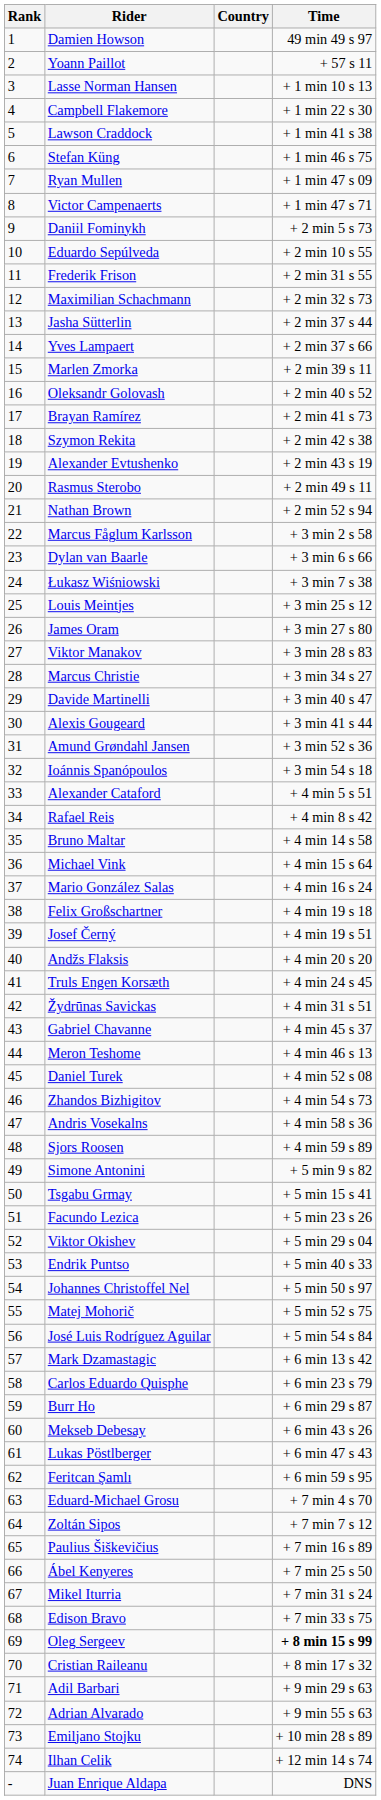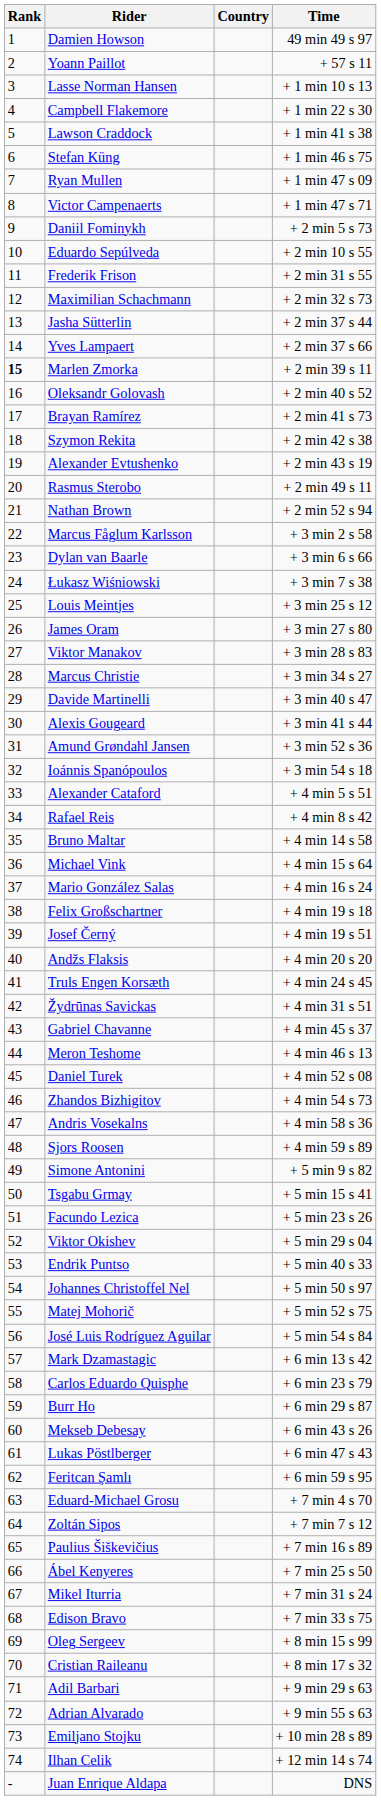 <table class="wikitable" style="font-size:95%; text-align:left;">
 <tr>
 <th>Rank</th>
 <th>Rider</th>
 <th>Country</th>
 <th>Time</th>
 </tr>
 <tr>
 <td>1</td>
 <td><a href='#'>Damien Howson</a></td>
 <td></td>
 <td align=right>49 min 49 s 97</td>
 </tr>
 <tr>
 <td>2</td>
 <td><a href='#'>Yoann Paillot</a></td>
 <td></td>
 <td align=right>+  57 s 11</td>
 </tr>
 <tr>
 <td>3</td>
 <td><a href='#'>Lasse Norman Hansen</a></td>
 <td></td>
 <td align=right>+  1 min 10 s 13</td>
 </tr>
 <tr>
 <td>4</td>
 <td><a href='#'>Campbell Flakemore</a></td>
 <td></td>
 <td align=right>+  1 min 22 s 30</td>
 </tr>
 <tr>
 <td>5</td>
 <td><a href='#'>Lawson Craddock</a></td>
 <td></td>
 <td align=right>+  1 min 41 s 38</td>
 </tr>
 <tr>
 <td>6</td>
 <td><a href='#'>Stefan Küng</a></td>
 <td></td>
 <td align=right>+  1 min 46 s 75</td>
 </tr>
 <tr>
 <td>7</td>
 <td><a href='#'>Ryan Mullen</a></td>
 <td></td>
 <td align=right>+  1 min 47 s 09</td>
 </tr>
 <tr>
 <td>8</td>
 <td><a href='#'>Victor Campenaerts</a></td>
 <td></td>
 <td align=right>+  1 min 47 s 71</td>
 </tr>
 <tr>
 <td>9</td>
 <td><a href='#'>Daniil Fominykh</a></td>
 <td></td>
 <td align=right>+  2 min 5 s 73</td>
 </tr>
 <tr>
 <td>10</td>
 <td><a href='#'>Eduardo Sepúlveda</a></td>
 <td></td>
 <td align=right>+  2 min 10 s 55</td>
 </tr>
 <tr>
 <td>11</td>
 <td><a href='#'>Frederik Frison</a></td>
 <td></td>
 <td align=right>+  2 min 31 s 55</td>
 </tr>
 <tr>
 <td>12</td>
 <td><a href='#'>Maximilian Schachmann</a></td>
 <td></td>
 <td align=right>+  2 min 32 s 73</td>
 </tr>
 <tr>
 <td>13</td>
 <td><a href='#'>Jasha Sütterlin</a></td>
 <td></td>
 <td align=right>+  2 min 37 s 44</td>
 </tr>
 <tr>
 <td>14</td>
 <td><a href='#'>Yves Lampaert</a></td>
 <td></td>
 <td align=right>+  2 min 37 s 66</td>
 </tr>
 <tr>
-<td>15</td>
+<td><strong>15</strong></td>
 <td><a href='#'>Marlen Zmorka</a></td>
 <td></td>
 <td align=right>+  2 min 39 s 11</td>
 </tr>
 <tr>
 <td>16</td>
 <td><a href='#'>Oleksandr Golovash</a></td>
 <td></td>
 <td align=right>+  2 min 40 s 52</td>
 </tr>
 <tr>
 <td>17</td>
 <td><a href='#'>Brayan Ramírez</a></td>
 <td></td>
 <td align=right>+  2 min 41 s 73</td>
 </tr>
 <tr>
 <td>18</td>
 <td><a href='#'>Szymon Rekita</a></td>
 <td></td>
 <td align=right>+  2 min 42 s 38</td>
 </tr>
 <tr>
 <td>19</td>
 <td><a href='#'>Alexander Evtushenko</a></td>
 <td></td>
 <td align=right>+  2 min 43 s 19</td>
 </tr>
 <tr>
 <td>20</td>
 <td><a href='#'>Rasmus Sterobo</a></td>
 <td></td>
 <td align=right>+  2 min 49 s 11</td>
 </tr>
 <tr>
 <td>21</td>
 <td><a href='#'>Nathan Brown</a></td>
 <td></td>
 <td align=right>+  2 min 52 s 94</td>
 </tr>
 <tr>
 <td>22</td>
 <td><a href='#'>Marcus Fåglum Karlsson</a></td>
 <td></td>
 <td align=right>+  3 min 2 s 58</td>
 </tr>
 <tr>
 <td>23</td>
 <td><a href='#'>Dylan van Baarle</a></td>
 <td></td>
 <td align=right>+  3 min 6 s 66</td>
 </tr>
 <tr>
 <td>24</td>
 <td><a href='#'>Łukasz Wiśniowski</a></td>
 <td></td>
 <td align=right>+  3 min 7 s 38</td>
 </tr>
 <tr>
 <td>25</td>
 <td><a href='#'>Louis Meintjes</a></td>
 <td></td>
 <td align=right>+  3 min 25 s 12</td>
 </tr>
 <tr>
 <td>26</td>
 <td><a href='#'>James Oram</a></td>
 <td></td>
 <td align=right>+  3 min 27 s 80</td>
 </tr>
 <tr>
 <td>27</td>
 <td><a href='#'>Viktor Manakov</a></td>
 <td></td>
 <td align=right>+  3 min 28 s 83</td>
 </tr>
 <tr>
 <td>28</td>
 <td><a href='#'>Marcus Christie</a></td>
 <td></td>
 <td align=right>+  3 min 34 s 27</td>
 </tr>
 <tr>
 <td>29</td>
 <td><a href='#'>Davide Martinelli</a></td>
 <td></td>
 <td align=right>+  3 min 40 s 47</td>
 </tr>
 <tr>
 <td>30</td>
 <td><a href='#'>Alexis Gougeard</a></td>
 <td></td>
 <td align=right>+  3 min 41 s 44</td>
 </tr>
 <tr>
 <td>31</td>
 <td><a href='#'>Amund Grøndahl Jansen</a></td>
 <td></td>
 <td align=right>+  3 min 52 s 36</td>
 </tr>
 <tr>
 <td>32</td>
 <td><a href='#'>Ioánnis Spanópoulos</a></td>
 <td></td>
 <td align=right>+  3 min 54 s 18</td>
 </tr>
 <tr>
 <td>33</td>
 <td><a href='#'>Alexander Cataford</a></td>
 <td></td>
 <td align=right>+  4 min 5 s 51</td>
 </tr>
 <tr>
 <td>34</td>
 <td><a href='#'>Rafael Reis</a></td>
 <td></td>
 <td align=right>+  4 min 8 s 42</td>
 </tr>
 <tr>
 <td>35</td>
 <td><a href='#'>Bruno Maltar</a></td>
 <td></td>
 <td align=right>+  4 min 14 s 58</td>
 </tr>
 <tr>
 <td>36</td>
 <td><a href='#'>Michael Vink</a></td>
 <td></td>
 <td align=right>+  4 min 15 s 64</td>
 </tr>
 <tr>
 <td>37</td>
 <td><a href='#'>Mario González Salas</a></td>
 <td></td>
 <td align=right>+  4 min 16 s 24</td>
 </tr>
 <tr>
 <td>38</td>
 <td><a href='#'>Felix Großschartner</a></td>
 <td></td>
 <td align=right>+  4 min 19 s 18</td>
 </tr>
 <tr>
 <td>39</td>
 <td><a href='#'>Josef Černý</a></td>
 <td></td>
 <td align=right>+  4 min 19 s 51</td>
 </tr>
 <tr>
 <td>40</td>
 <td><a href='#'>Andžs Flaksis</a></td>
 <td></td>
 <td align=right>+  4 min 20 s 20</td>
 </tr>
 <tr>
 <td>41</td>
 <td><a href='#'>Truls Engen Korsæth</a></td>
 <td></td>
 <td align=right>+  4 min 24 s 45</td>
 </tr>
 <tr>
 <td>42</td>
 <td><a href='#'>Žydrūnas Savickas</a></td>
 <td></td>
 <td align=right>+  4 min 31 s 51</td>
 </tr>
 <tr>
 <td>43</td>
 <td><a href='#'>Gabriel Chavanne</a></td>
 <td></td>
 <td align=right>+  4 min 45 s 37</td>
 </tr>
 <tr>
 <td>44</td>
 <td><a href='#'>Meron Teshome</a></td>
 <td></td>
 <td align=right>+  4 min 46 s 13</td>
 </tr>
 <tr>
 <td>45</td>
 <td><a href='#'>Daniel Turek</a></td>
 <td></td>
 <td align=right>+  4 min 52 s 08</td>
 </tr>
 <tr>
 <td>46</td>
 <td><a href='#'>Zhandos Bizhigitov</a></td>
 <td></td>
 <td align=right>+  4 min 54 s 73</td>
 </tr>
 <tr>
 <td>47</td>
 <td><a href='#'>Andris Vosekalns</a></td>
 <td></td>
 <td align=right>+  4 min 58 s 36</td>
 </tr>
 <tr>
 <td>48</td>
 <td><a href='#'>Sjors Roosen</a></td>
 <td></td>
 <td align=right>+  4 min 59 s 89</td>
 </tr>
 <tr>
 <td>49</td>
 <td><a href='#'>Simone Antonini</a></td>
 <td></td>
 <td align=right>+  5 min 9 s 82</td>
 </tr>
 <tr>
 <td>50</td>
 <td><a href='#'>Tsgabu Grmay</a></td>
 <td></td>
 <td align=right>+  5 min 15 s 41</td>
 </tr>
 <tr>
 <td>51</td>
 <td><a href='#'>Facundo Lezica</a></td>
 <td></td>
 <td align=right>+  5 min 23 s 26</td>
 </tr>
 <tr>
 <td>52</td>
 <td><a href='#'>Viktor Okishev</a></td>
 <td></td>
 <td align=right>+  5 min 29 s 04</td>
 </tr>
 <tr>
 <td>53</td>
 <td><a href='#'>Endrik Puntso</a></td>
 <td></td>
 <td align=right>+  5 min 40 s 33</td>
 </tr>
 <tr>
 <td>54</td>
 <td><a href='#'>Johannes Christoffel Nel</a></td>
 <td></td>
 <td align=right>+  5 min 50 s 97</td>
 </tr>
 <tr>
 <td>55</td>
 <td><a href='#'>Matej Mohorič</a></td>
 <td></td>
 <td align=right>+  5 min 52 s 75</td>
 </tr>
 <tr>
 <td>56</td>
 <td><a href='#'>José Luis Rodríguez Aguilar</a></td>
 <td></td>
 <td align=right>+  5 min 54 s 84</td>
 </tr>
 <tr>
 <td>57</td>
 <td><a href='#'>Mark Dzamastagic</a></td>
 <td></td>
 <td align=right>+  6 min 13 s 42</td>
 </tr>
 <tr>
 <td>58</td>
 <td><a href='#'>Carlos Eduardo Quisphe</a></td>
 <td></td>
 <td align=right>+  6 min 23 s 79</td>
 </tr>
 <tr>
 <td>59</td>
 <td><a href='#'>Burr Ho</a></td>
 <td></td>
 <td align=right>+  6 min 29 s 87</td>
 </tr>
 <tr>
 <td>60</td>
 <td><a href='#'>Mekseb Debesay</a></td>
 <td></td>
 <td align=right>+  6 min 43 s 26</td>
 </tr>
 <tr>
 <td>61</td>
 <td><a href='#'>Lukas Pöstlberger</a></td>
 <td></td>
 <td align=right>+  6 min 47 s 43</td>
 </tr>
 <tr>
 <td>62</td>
 <td><a href='#'>Feritcan Şamlı</a></td>
 <td></td>
 <td align=right>+  6 min 59 s 95</td>
 </tr>
 <tr>
 <td>63</td>
 <td><a href='#'>Eduard-Michael Grosu</a></td>
 <td></td>
 <td align=right>+  7 min 4 s 70</td>
 </tr>
 <tr>
 <td>64</td>
 <td><a href='#'>Zoltán Sipos</a></td>
 <td></td>
 <td align=right>+  7 min 7 s 12</td>
 </tr>
 <tr>
 <td>65</td>
 <td><a href='#'>Paulius Šiškevičius</a></td>
 <td></td>
 <td align=right>+  7 min 16 s 89</td>
 </tr>
 <tr>
 <td>66</td>
 <td><a href='#'>Ábel Kenyeres</a></td>
 <td></td>
 <td align=right>+  7 min 25 s 50</td>
 </tr>
 <tr>
 <td>67</td>
 <td><a href='#'>Mikel Iturria</a></td>
 <td></td>
 <td align=right>+  7 min 31 s 24</td>
 </tr>
 <tr>
 <td>68</td>
 <td><a href='#'>Edison Bravo</a></td>
 <td></td>
 <td align=right>+  7 min 33 s 75</td>
 </tr>
 <tr>
 <td>69</td>
 <td><a href='#'>Oleg Sergeev</a></td>
 <td></td>
-<td align=right><strong>+  8 min 15 s 99</strong></td>
+<td align=right>+  8 min 15 s 99</td>
 </tr>
 <tr>
 <td>70</td>
 <td><a href='#'>Cristian Raileanu</a></td>
 <td></td>
 <td align=right>+  8 min 17 s 32</td>
 </tr>
 <tr>
 <td>71</td>
 <td><a href='#'>Adil Barbari</a></td>
 <td></td>
 <td align=right>+  9 min 29 s 63</td>
 </tr>
 <tr>
 <td>72</td>
 <td><a href='#'>Adrian Alvarado</a></td>
 <td></td>
 <td align=right>+  9 min 55 s 63</td>
 </tr>
 <tr>
 <td>73</td>
 <td><a href='#'>Emiljano Stojku</a></td>
 <td></td>
 <td align=right>+  10 min 28 s 89</td>
 </tr>
 <tr>
 <td>74</td>
 <td><a href='#'>Ilhan Celik</a></td>
 <td></td>
 <td align=right>+  12 min 14 s 74</td>
 </tr>
 <tr>
 <td>-</td>
 <td><a href='#'>Juan Enrique Aldapa</a></td>
 <td></td>
 <td align=right>DNS</td>
 </tr>
 </table>
